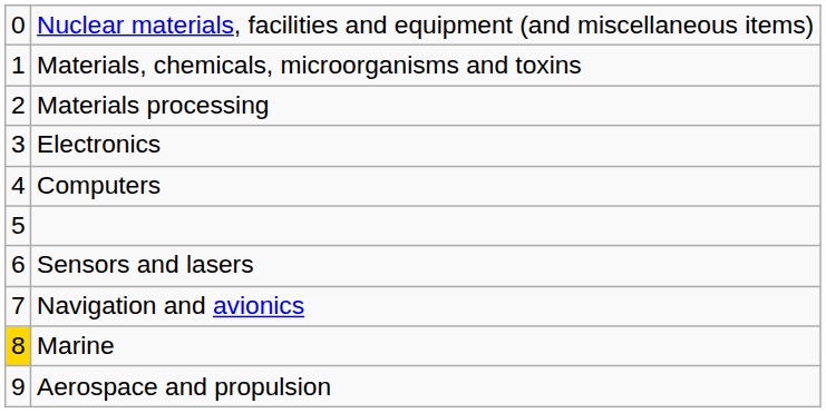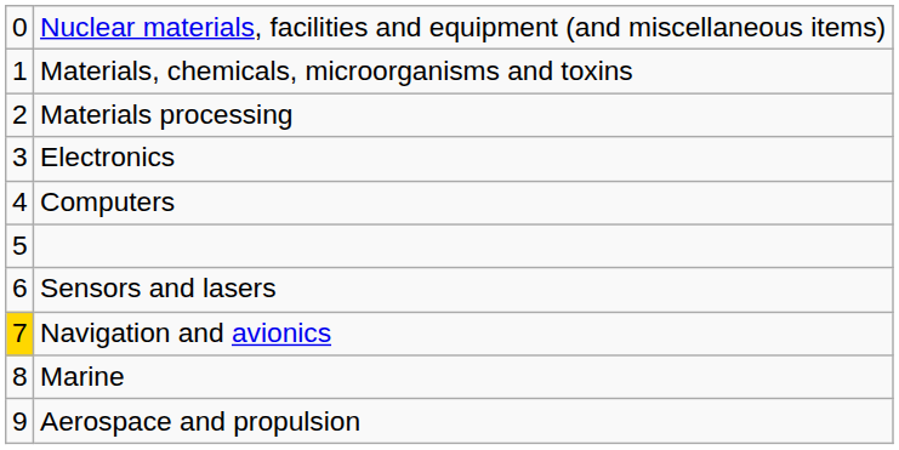 <table class="wikitable mw-collapsible">
 <tr>
 <td>0</td>
 <td><a href='#'>Nuclear materials</a>, facilities and equipment (and miscellaneous items)</td>
 </tr>
 <tr>
 <td>1</td>
 <td>Materials, chemicals, microorganisms and toxins</td>
 </tr>
 <tr>
 <td>2</td>
 <td>Materials processing</td>
 </tr>
 <tr>
 <td>3</td>
 <td>Electronics</td>
 </tr>
 <tr>
 <td>4</td>
 <td>Computers</td>
 </tr>
 <tr>
 <td>5</td>
 <td></td>
 </tr>
 <tr>
 <td>6</td>
 <td>Sensors and lasers</td>
 </tr>
 <tr>
-<td>7</td>
+<td style="background: gold;">7</td>
 <td>Navigation and <a href='#'>avionics</a></td>
 </tr>
 <tr>
-<td style="background: gold;">8</td>
+<td>8</td>
 <td>Marine</td>
 </tr>
 <tr>
 <td>9</td>
 <td>Aerospace and propulsion</td>
 </tr>
 </table>
